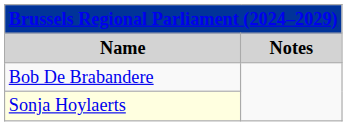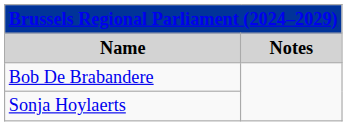 <table class="wikitable">
 <tr>
 <th style="background:#039;" colspan="2"><a href='#'><span>Brussels Regional Parliament (2024–2029)</span></a></th>
 </tr>
 <tr>
 <th scope="col" style="background:Lightgrey; width:200px;">Name</th>
 <th style="background:LightGrey;">Notes</th>
 </tr>
 <tr>
 <td><a href='#'>Bob De Brabandere</a></td>
 </tr>
 <tr>
-<td style="background: lightyellow;"><a href='#'>Sonja Hoylaerts</a></td>
+<td><a href='#'>Sonja Hoylaerts</a></td>
 </tr>
 </table>
